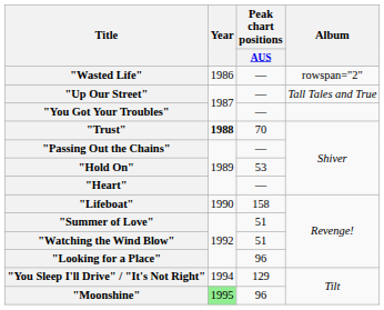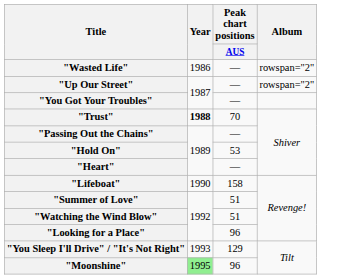 <table class="wikitable plainrowheaders" style="text-align:center;">
 <tr>
 <th scope="col" rowspan="2">Title</th>
 <th scope="col" rowspan="2">Year</th>
 <th scope="col" colspan="1">Peak chart positions</th>
 <th scope="col" rowspan="2">Album</th>
 </tr>
 <tr>
 <th scope="col" style="width:3em;font-size:90%;"><a href='#'>AUS</a><br></th>
 </tr>
 <tr>
 <th scope="row">"Wasted Life"</th>
 <td>1986</td>
 <td>—</td>
 <td>rowspan="2" </td>
 </tr>
 <tr>
 <th scope="row">"Up Our Street"</th>
 <td rowspan="2">1987</td>
 <td>—</td>
-<td><em>Tall Tales and True</em></td>
+<td>rowspan="2" </td>
 </tr>
 <tr>
 <th scope="row">"You Got Your Troubles"</th>
 <td>—</td>
 </tr>
 <tr>
 <th scope="row">"Trust"</th>
 <td><strong>1988</strong></td>
 <td>70</td>
 <td rowspan="4"><em>Shiver</em></td>
 </tr>
 <tr>
 <th scope="row">"Passing Out the Chains"</th>
 <td rowspan="3">1989</td>
 <td>—</td>
 </tr>
 <tr>
 <th scope="row">"Hold On"</th>
 <td>53</td>
 </tr>
 <tr>
 <th scope="row">"Heart"</th>
 <td>—</td>
 </tr>
 <tr>
 <th scope="row">"Lifeboat"</th>
 <td>1990</td>
 <td>158</td>
 <td rowspan="4"><em>Revenge!</em></td>
 </tr>
 <tr>
 <th scope="row">"Summer of Love"</th>
 <td rowspan="3">1992</td>
 <td>51</td>
 </tr>
 <tr>
 <th scope="row">"Watching the Wind Blow"</th>
 <td>51</td>
 </tr>
 <tr>
 <th scope="row">"Looking for a Place"</th>
 <td>96</td>
 </tr>
 <tr>
 <th scope="row">"You Sleep I'll Drive" / "It's Not Right"</th>
-<td>1994</td>
+<td>1993</td>
 <td>129</td>
 <td rowspan="2"><em>Tilt</em></td>
 </tr>
 <tr>
 <th scope="row">"Moonshine"</th>
 <td style="background: lightgreen;">1995</td>
 <td>96</td>
 </tr>
 </table>
